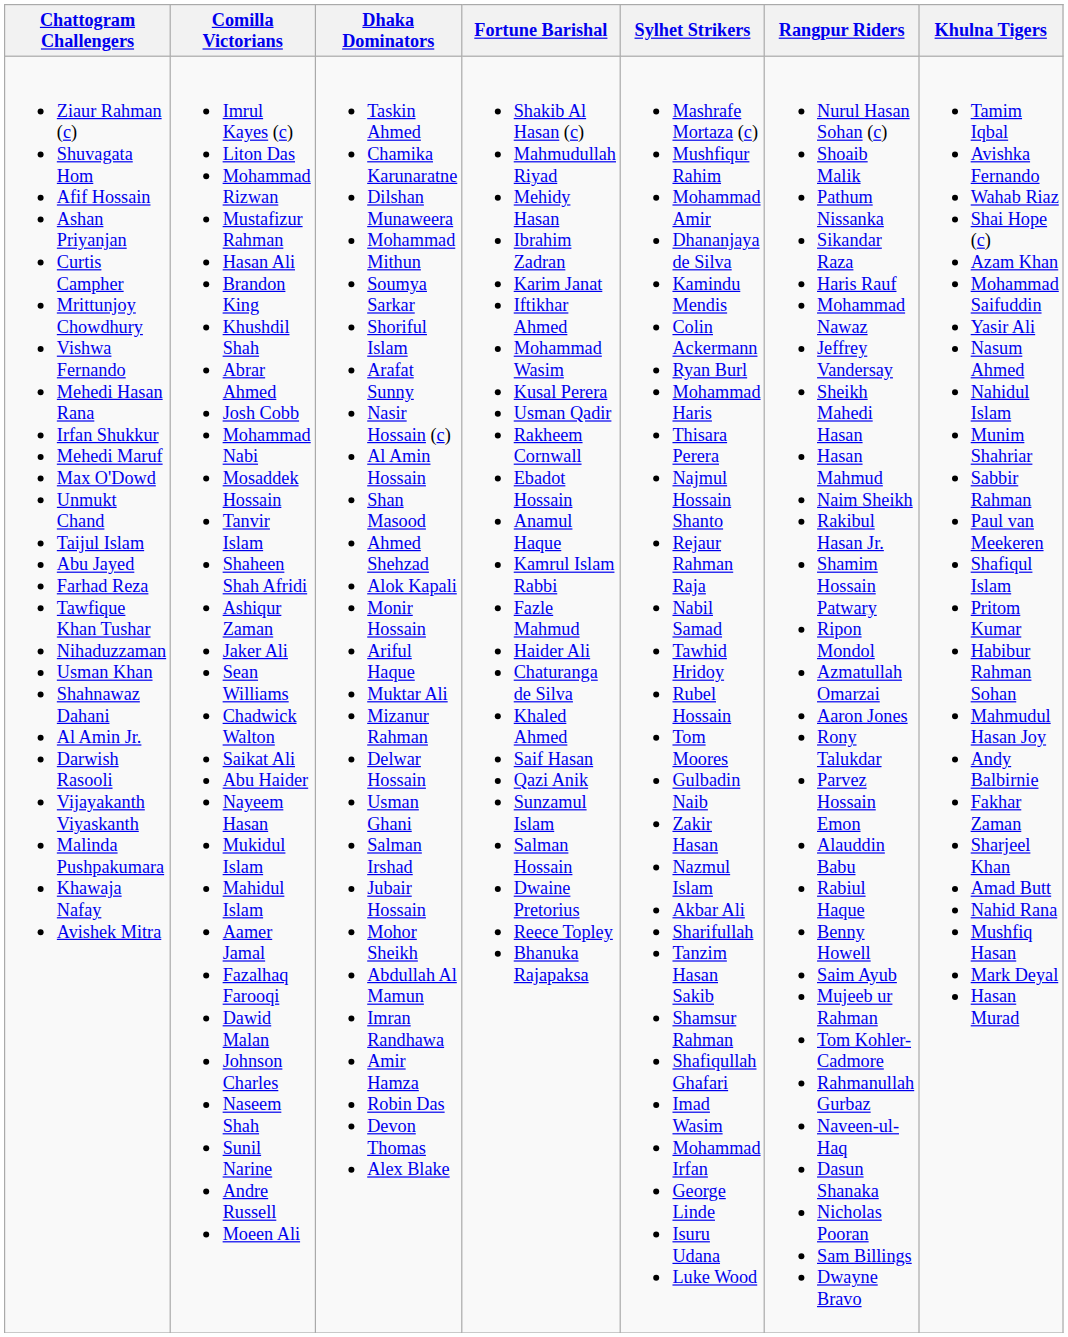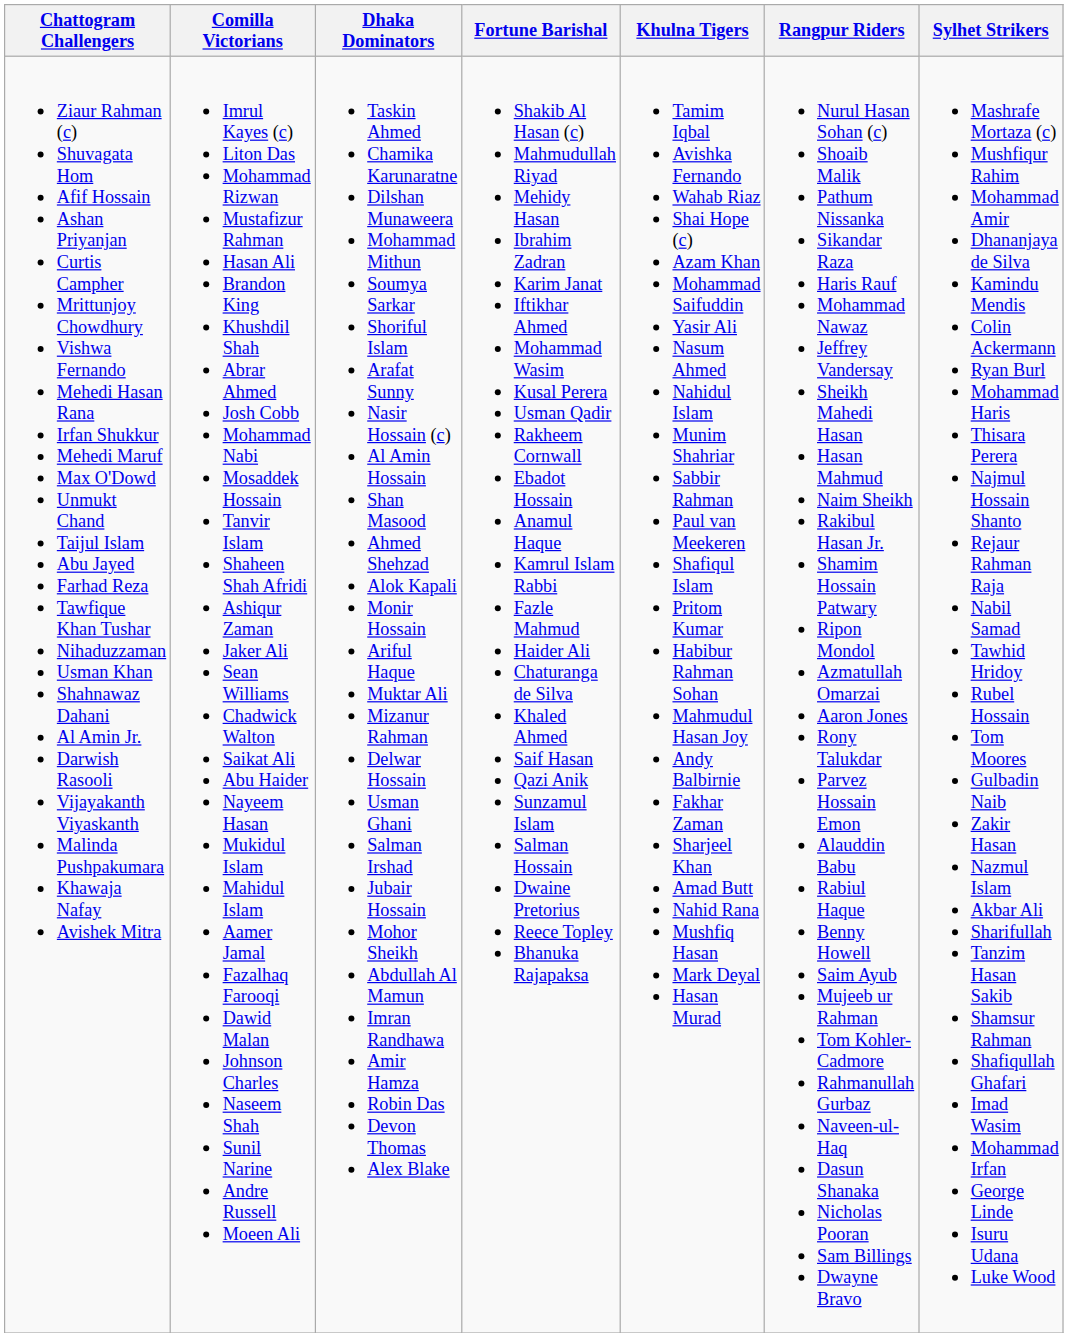 <table class="wikitable" Style="font-size:95%;">
 <tr>
 <th><a href='#'>Chattogram Challengers</a><br><small></small></th>
 <th><a href='#'>Comilla Victorians</a><br><small></small></th>
 <th><a href='#'>Dhaka Dominators</a><br><small></small></th>
 <th><a href='#'>Fortune Barishal</a><br><small></small></th>
+<th><a href='#'>Khulna Tigers</a><br><small></small></th>
+<th><a href='#'>Rangpur Riders</a><br><small></small></th>
 <th><a href='#'>Sylhet Strikers</a><br><small></small></th>
-<th><a href='#'>Rangpur Riders</a><br><small></small></th>
-<th><a href='#'>Khulna Tigers</a><br><small></small></th>
 </tr>
 <tr>
 <td valign=top><br><ul><li><a href='#'>Ziaur Rahman</a> (<a href='#'>c</a>)</li><li><a href='#'>Shuvagata Hom</a></li><li><a href='#'>Afif Hossain</a></li><li><a href='#'>Ashan Priyanjan</a></li><li><a href='#'>Curtis Campher</a></li><li><a href='#'>Mrittunjoy Chowdhury</a></li><li><a href='#'>Vishwa Fernando</a></li><li><a href='#'>Mehedi Hasan Rana</a></li><li><a href='#'>Irfan Shukkur</a></li><li><a href='#'>Mehedi Maruf</a></li><li><a href='#'>Max O'Dowd</a></li><li><a href='#'>Unmukt Chand</a></li><li><a href='#'>Taijul Islam</a></li><li><a href='#'>Abu Jayed</a></li><li><a href='#'>Farhad Reza</a></li><li><a href='#'>Tawfique Khan Tushar</a></li><li><a href='#'>Nihaduzzaman</a></li><li><a href='#'>Usman Khan</a></li><li><a href='#'>Shahnawaz Dahani</a></li><li><a href='#'>Al Amin Jr.</a></li><li><a href='#'>Darwish Rasooli</a></li><li><a href='#'>Vijayakanth Viyaskanth</a></li><li><a href='#'>Malinda Pushpakumara</a></li><li><a href='#'>Khawaja Nafay</a></li><li><a href='#'>Avishek Mitra</a></li></ul></td>
 <td valign=top><br><ul><li><a href='#'>Imrul Kayes</a> (<a href='#'>c</a>)</li><li><a href='#'>Liton Das</a></li><li><a href='#'>Mohammad Rizwan</a></li><li><a href='#'>Mustafizur Rahman</a></li><li><a href='#'>Hasan Ali</a></li><li><a href='#'>Brandon King</a></li><li><a href='#'>Khushdil Shah</a></li><li><a href='#'>Abrar Ahmed</a></li><li><a href='#'>Josh Cobb</a></li><li><a href='#'>Mohammad Nabi</a></li><li><a href='#'>Mosaddek Hossain</a></li><li><a href='#'>Tanvir Islam</a></li><li><a href='#'>Shaheen Shah Afridi</a></li><li><a href='#'>Ashiqur Zaman</a></li><li><a href='#'>Jaker Ali</a></li><li><a href='#'>Sean Williams</a></li><li><a href='#'>Chadwick Walton</a></li><li><a href='#'>Saikat Ali</a></li><li><a href='#'>Abu Haider</a></li><li><a href='#'>Nayeem Hasan</a></li><li><a href='#'>Mukidul Islam</a></li><li><a href='#'>Mahidul Islam</a></li><li><a href='#'>Aamer Jamal</a></li><li><a href='#'>Fazalhaq Farooqi</a></li><li><a href='#'>Dawid Malan</a></li><li><a href='#'>Johnson Charles</a></li><li><a href='#'>Naseem Shah</a></li><li><a href='#'>Sunil Narine</a></li><li><a href='#'>Andre Russell</a></li><li><a href='#'>Moeen Ali</a></li></ul></td>
 <td valign=top><br><ul><li><a href='#'>Taskin Ahmed</a></li><li><a href='#'>Chamika Karunaratne</a></li><li><a href='#'>Dilshan Munaweera</a></li><li><a href='#'>Mohammad Mithun</a></li><li><a href='#'>Soumya Sarkar</a></li><li><a href='#'>Shoriful Islam</a></li><li><a href='#'>Arafat Sunny</a></li><li><a href='#'>Nasir Hossain</a> (<a href='#'>c</a>)</li><li><a href='#'>Al Amin Hossain</a></li><li><a href='#'>Shan Masood</a></li><li><a href='#'>Ahmed Shehzad</a></li><li><a href='#'>Alok Kapali</a></li><li><a href='#'>Monir Hossain</a></li><li><a href='#'>Ariful Haque</a></li><li><a href='#'>Muktar Ali</a></li><li><a href='#'>Mizanur Rahman</a></li><li><a href='#'>Delwar Hossain</a></li><li><a href='#'>Usman Ghani</a></li><li><a href='#'>Salman Irshad</a></li><li><a href='#'>Jubair Hossain</a></li><li><a href='#'>Mohor Sheikh</a></li><li><a href='#'>Abdullah Al Mamun</a></li><li><a href='#'>Imran Randhawa</a></li><li><a href='#'>Amir Hamza</a></li><li><a href='#'>Robin Das</a></li><li><a href='#'>Devon Thomas</a></li><li><a href='#'>Alex Blake</a></li></ul></td>
 <td valign=top><br><ul><li><a href='#'>Shakib Al Hasan</a> (<a href='#'>c</a>)</li><li><a href='#'>Mahmudullah Riyad</a></li><li><a href='#'>Mehidy Hasan</a></li><li><a href='#'>Ibrahim Zadran</a></li><li><a href='#'>Karim Janat</a></li><li><a href='#'>Iftikhar Ahmed</a></li><li><a href='#'>Mohammad Wasim</a></li><li><a href='#'>Kusal Perera</a></li><li><a href='#'>Usman Qadir</a></li><li><a href='#'>Rakheem Cornwall</a></li><li><a href='#'>Ebadot Hossain</a></li><li><a href='#'>Anamul Haque</a></li><li><a href='#'>Kamrul Islam Rabbi</a></li><li><a href='#'>Fazle Mahmud</a></li><li><a href='#'>Haider Ali</a></li><li><a href='#'>Chaturanga de Silva</a></li><li><a href='#'>Khaled Ahmed</a></li><li><a href='#'>Saif Hasan</a></li><li><a href='#'>Qazi Anik</a></li><li><a href='#'>Sunzamul Islam</a></li><li><a href='#'>Salman Hossain</a></li><li><a href='#'>Dwaine Pretorius</a></li><li><a href='#'>Reece Topley</a></li><li><a href='#'>Bhanuka Rajapaksa</a></li></ul></td>
+<td valign=top><br><ul><li><a href='#'>Tamim Iqbal</a></li><li><a href='#'>Avishka Fernando</a></li><li><a href='#'>Wahab Riaz</a></li><li><a href='#'>Shai Hope</a> (<a href='#'>c</a>)</li><li><a href='#'>Azam Khan</a></li><li><a href='#'>Mohammad Saifuddin</a></li><li><a href='#'>Yasir Ali</a></li><li><a href='#'>Nasum Ahmed</a></li><li><a href='#'>Nahidul Islam</a></li><li><a href='#'>Munim Shahriar</a></li><li><a href='#'>Sabbir Rahman</a></li><li><a href='#'>Paul van Meekeren</a></li><li><a href='#'>Shafiqul Islam</a></li><li><a href='#'>Pritom Kumar</a></li><li><a href='#'>Habibur Rahman Sohan</a></li><li><a href='#'>Mahmudul Hasan Joy</a></li><li><a href='#'>Andy Balbirnie</a></li><li><a href='#'>Fakhar Zaman</a></li><li><a href='#'>Sharjeel Khan</a></li><li><a href='#'>Amad Butt</a></li><li><a href='#'>Nahid Rana</a></li><li><a href='#'>Mushfiq Hasan</a></li><li><a href='#'>Mark Deyal</a></li><li><a href='#'>Hasan Murad</a></li></ul></td>
+<td valign=top><br><ul><li><a href='#'>Nurul Hasan Sohan</a> (<a href='#'>c</a>)</li><li><a href='#'>Shoaib Malik</a></li><li><a href='#'>Pathum Nissanka</a></li><li><a href='#'>Sikandar Raza</a></li><li><a href='#'>Haris Rauf</a></li><li><a href='#'>Mohammad Nawaz</a></li><li><a href='#'>Jeffrey Vandersay</a></li><li><a href='#'>Sheikh Mahedi Hasan</a></li><li><a href='#'>Hasan Mahmud</a></li><li><a href='#'>Naim Sheikh</a></li><li><a href='#'>Rakibul Hasan Jr.</a></li><li><a href='#'>Shamim Hossain Patwary</a></li><li><a href='#'>Ripon Mondol</a></li><li><a href='#'>Azmatullah Omarzai</a></li><li><a href='#'>Aaron Jones</a></li><li><a href='#'>Rony Talukdar</a></li><li><a href='#'>Parvez Hossain Emon</a></li><li><a href='#'>Alauddin Babu</a></li><li><a href='#'>Rabiul Haque</a></li><li><a href='#'>Benny Howell</a></li><li><a href='#'>Saim Ayub</a></li><li><a href='#'>Mujeeb ur Rahman</a></li><li><a href='#'>Tom Kohler-Cadmore</a></li><li><a href='#'>Rahmanullah Gurbaz</a></li><li><a href='#'>Naveen-ul-Haq</a></li><li><a href='#'>Dasun Shanaka</a></li><li><a href='#'>Nicholas Pooran</a></li><li><a href='#'>Sam Billings</a></li><li><a href='#'>Dwayne Bravo</a></li></ul></td>
 <td valign=top><br><ul><li><a href='#'>Mashrafe Mortaza</a> (<a href='#'>c</a>)</li><li><a href='#'>Mushfiqur Rahim</a></li><li><a href='#'>Mohammad Amir</a></li><li><a href='#'>Dhananjaya de Silva</a></li><li><a href='#'>Kamindu Mendis</a></li><li><a href='#'>Colin Ackermann</a></li><li><a href='#'>Ryan Burl</a></li><li><a href='#'>Mohammad Haris</a></li><li><a href='#'>Thisara Perera</a></li><li><a href='#'>Najmul Hossain Shanto</a></li><li><a href='#'>Rejaur Rahman Raja</a></li><li><a href='#'>Nabil Samad</a></li><li><a href='#'>Tawhid Hridoy</a></li><li><a href='#'>Rubel Hossain</a></li><li><a href='#'>Tom Moores</a></li><li><a href='#'>Gulbadin Naib</a></li><li><a href='#'>Zakir Hasan</a></li><li><a href='#'>Nazmul Islam</a></li><li><a href='#'>Akbar Ali</a></li><li><a href='#'>Sharifullah</a></li><li><a href='#'>Tanzim Hasan Sakib</a></li><li><a href='#'>Shamsur Rahman</a></li><li><a href='#'>Shafiqullah Ghafari</a></li><li><a href='#'>Imad Wasim</a></li><li><a href='#'>Mohammad Irfan</a></li><li><a href='#'>George Linde</a></li><li><a href='#'>Isuru Udana</a></li><li><a href='#'>Luke Wood</a></li></ul></td>
-<td valign=top><br><ul><li><a href='#'>Nurul Hasan Sohan</a> (<a href='#'>c</a>)</li><li><a href='#'>Shoaib Malik</a></li><li><a href='#'>Pathum Nissanka</a></li><li><a href='#'>Sikandar Raza</a></li><li><a href='#'>Haris Rauf</a></li><li><a href='#'>Mohammad Nawaz</a></li><li><a href='#'>Jeffrey Vandersay</a></li><li><a href='#'>Sheikh Mahedi Hasan</a></li><li><a href='#'>Hasan Mahmud</a></li><li><a href='#'>Naim Sheikh</a></li><li><a href='#'>Rakibul Hasan Jr.</a></li><li><a href='#'>Shamim Hossain Patwary</a></li><li><a href='#'>Ripon Mondol</a></li><li><a href='#'>Azmatullah Omarzai</a></li><li><a href='#'>Aaron Jones</a></li><li><a href='#'>Rony Talukdar</a></li><li><a href='#'>Parvez Hossain Emon</a></li><li><a href='#'>Alauddin Babu</a></li><li><a href='#'>Rabiul Haque</a></li><li><a href='#'>Benny Howell</a></li><li><a href='#'>Saim Ayub</a></li><li><a href='#'>Mujeeb ur Rahman</a></li><li><a href='#'>Tom Kohler-Cadmore</a></li><li><a href='#'>Rahmanullah Gurbaz</a></li><li><a href='#'>Naveen-ul-Haq</a></li><li><a href='#'>Dasun Shanaka</a></li><li><a href='#'>Nicholas Pooran</a></li><li><a href='#'>Sam Billings</a></li><li><a href='#'>Dwayne Bravo</a></li></ul></td>
-<td valign=top><br><ul><li><a href='#'>Tamim Iqbal</a></li><li><a href='#'>Avishka Fernando</a></li><li><a href='#'>Wahab Riaz</a></li><li><a href='#'>Shai Hope</a> (<a href='#'>c</a>)</li><li><a href='#'>Azam Khan</a></li><li><a href='#'>Mohammad Saifuddin</a></li><li><a href='#'>Yasir Ali</a></li><li><a href='#'>Nasum Ahmed</a></li><li><a href='#'>Nahidul Islam</a></li><li><a href='#'>Munim Shahriar</a></li><li><a href='#'>Sabbir Rahman</a></li><li><a href='#'>Paul van Meekeren</a></li><li><a href='#'>Shafiqul Islam</a></li><li><a href='#'>Pritom Kumar</a></li><li><a href='#'>Habibur Rahman Sohan</a></li><li><a href='#'>Mahmudul Hasan Joy</a></li><li><a href='#'>Andy Balbirnie</a></li><li><a href='#'>Fakhar Zaman</a></li><li><a href='#'>Sharjeel Khan</a></li><li><a href='#'>Amad Butt</a></li><li><a href='#'>Nahid Rana</a></li><li><a href='#'>Mushfiq Hasan</a></li><li><a href='#'>Mark Deyal</a></li><li><a href='#'>Hasan Murad</a></li></ul></td>
 </tr>
 </table>
